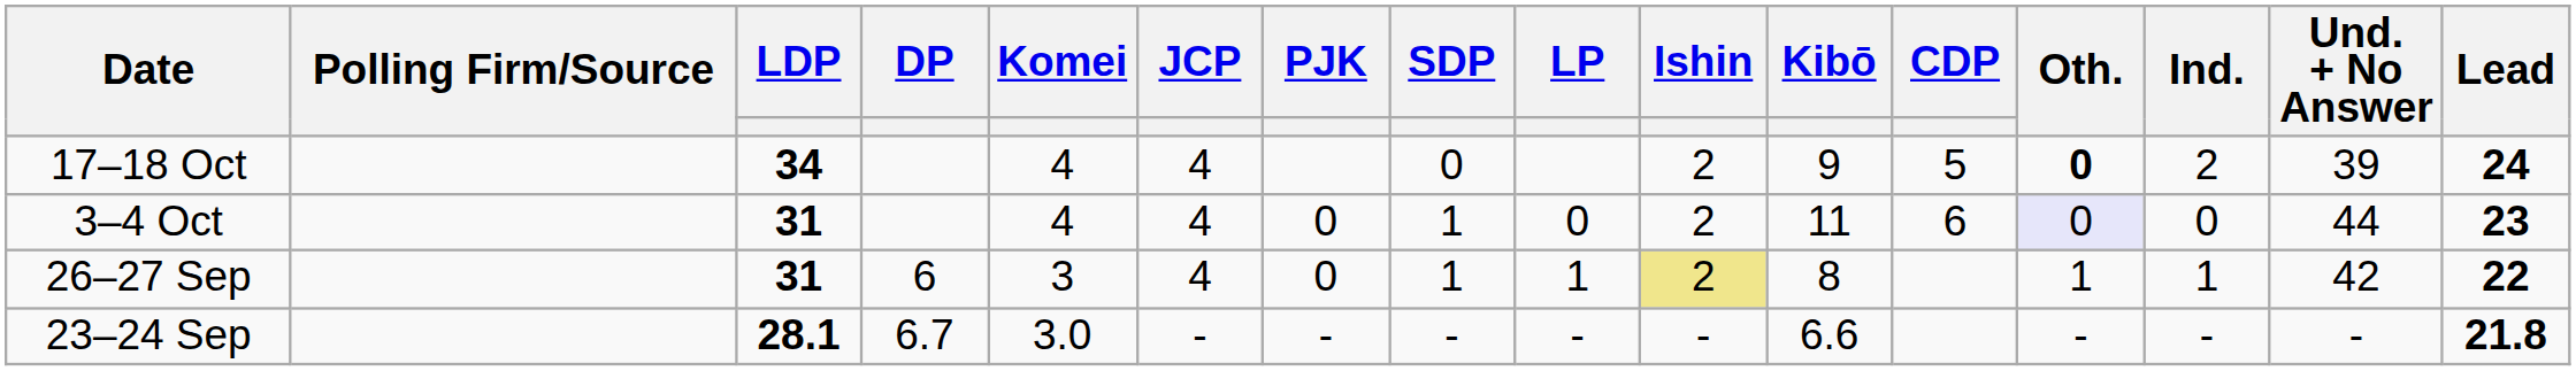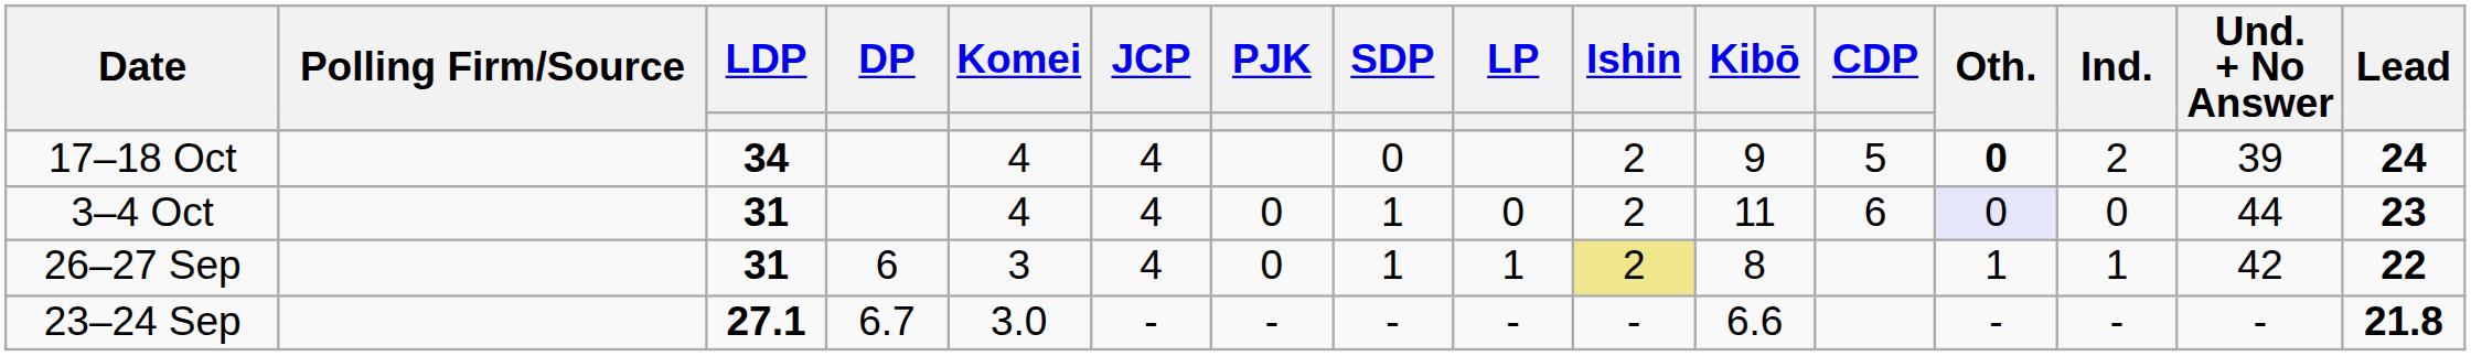 <table class="wikitable collapsible collapsed" style="text-align:center;font-size:100%;line-height:14px">
 <tr style="height:42px;">
 <th style="width:100px;" rowspan="2">Date</th>
 <th style="width:160px;" rowspan="2">Polling Firm/Source</th>
 <th style="width:40px;"><a href='#'>LDP</a></th>
 <th style="width:40px;"><a href='#'>DP</a></th>
 <th style="width:40px;"><a href='#'>Komei</a></th>
 <th style="width:40px;"><a href='#'>JCP</a></th>
 <th style="width:40px;"><a href='#'>PJK</a></th>
 <th style="width:40px;"><a href='#'>SDP</a></th>
 <th style="width:40px;"><a href='#'>LP</a></th>
 <th style="width:40px;"><a href='#'>Ishin</a></th>
 <th style="width:40px;"><a href='#'>Kibō</a></th>
 <th style="width:40px;"><a href='#'>CDP</a></th>
 <th style="width:40px;" rowspan="2">Oth.</th>
 <th style="width:40px;" rowspan="2">Ind.</th>
 <th style="width:40px;" rowspan="2">Und.<br>+ No<br>Answer</th>
 <th style="width:40px;" rowspan="2">Lead</th>
 </tr>
 <tr>
 <th style="color:inherit;background:"></th>
 <th style="color:inherit;background:"></th>
 <th style="color:inherit;background:"></th>
 <th style="color:inherit;background:"></th>
 <th style="color:inherit;background:"></th>
 <th style="color:inherit;background:"></th>
 <th style="color:inherit;background:"></th>
 <th style="color:inherit;background:"></th>
 <th style="color:inherit;background:"></th>
 <th style="color:inherit;background:"></th>
 </tr>
 <tr>
 <td>17–18 Oct</td>
 <td></td>
 <td><strong>34</strong></td>
 <td></td>
 <td>4</td>
 <td>4</td>
 <td></td>
 <td>0</td>
 <td></td>
 <td>2</td>
 <td>9</td>
 <td>5</td>
 <td><strong>0</strong></td>
 <td>2</td>
 <td>39</td>
 <td style="background:"><strong>24</strong></td>
 </tr>
 <tr>
 <td>3–4 Oct</td>
 <td></td>
 <td><strong>31</strong></td>
 <td></td>
 <td>4</td>
 <td>4</td>
 <td>0</td>
 <td>1</td>
 <td>0</td>
 <td>2</td>
 <td>11</td>
 <td>6</td>
 <td style="background: lavender;">0</td>
 <td>0</td>
 <td>44</td>
 <td style="background:"><strong>23</strong></td>
 </tr>
 <tr>
 <td>26–27 Sep</td>
 <td> </td>
 <td><strong>31</strong></td>
 <td>6</td>
 <td>3</td>
 <td>4</td>
 <td>0</td>
 <td>1</td>
 <td>1</td>
 <td style="background: khaki;">2</td>
 <td>8</td>
 <td></td>
 <td>1</td>
 <td>1</td>
 <td>42</td>
 <td style="background:"><strong>22</strong></td>
 </tr>
 <tr>
 <td>23–24 Sep</td>
 <td></td>
-<td><strong>28.1</strong></td>
+<td><strong>27.1</strong></td>
 <td>6.7</td>
 <td>3.0</td>
 <td>-</td>
 <td>-</td>
 <td>-</td>
 <td>-</td>
 <td>-</td>
 <td>6.6</td>
 <td></td>
 <td>-</td>
 <td>-</td>
 <td>-</td>
 <td style="background:"><strong>21.8</strong></td>
 </tr>
 </table>
